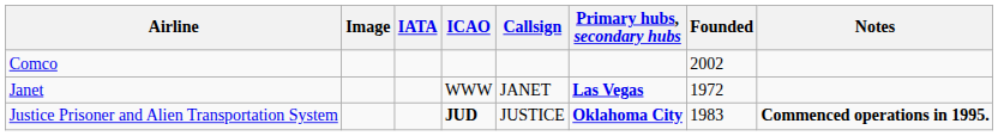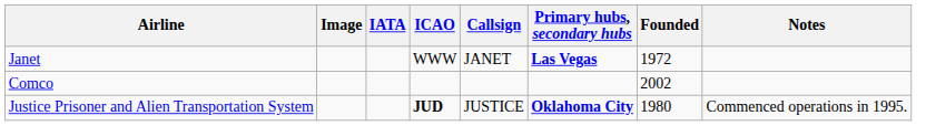 <table class="wikitable sortable" style="border: 0; cellpadding: 2; cellspacing: 3;">
 <tr style="vertical-align:middle;">
 <th>Airline</th>
 <th>Image</th>
 <th><a href='#'>IATA</a></th>
 <th><a href='#'>ICAO</a></th>
 <th><a href='#'>Callsign</a></th>
 <th><a href='#'>Primary hubs</a>, <br> <em><a href='#'>secondary hubs</a></em></th>
 <th>Founded</th>
 <th>Notes</th>
 </tr>
 <tr>
+<td><a href='#'>Janet</a></td>
+<td></td>
+<td></td>
+<td>WWW</td>
+<td>JANET</td>
+<td><strong><a href='#'>Las Vegas</a></strong></td>
+<td>1972</td>
+<td></td>
+</tr>
+<tr>
 <td><a href='#'>Comco</a></td>
 <td></td>
 <td></td>
 <td></td>
 <td></td>
 <td></td>
 <td>2002</td>
 <td></td>
 </tr>
 <tr>
-<td><a href='#'>Janet</a></td>
-<td></td>
-<td></td>
-<td>WWW</td>
-<td>JANET</td>
-<td><strong><a href='#'>Las Vegas</a></strong></td>
-<td>1972</td>
-<td></td>
-</tr>
-<tr>
 <td><a href='#'>Justice Prisoner and Alien Transportation System</a></td>
 <td></td>
 <td></td>
 <td><strong>JUD</strong></td>
 <td>JUSTICE</td>
 <td><strong><a href='#'>Oklahoma City</a></strong></td>
-<td>1983</td>
-<td><strong>Commenced operations in 1995.</strong></td>
+<td>1980</td>
+<td>Commenced operations in 1995.</td>
 </tr>
 </table>
